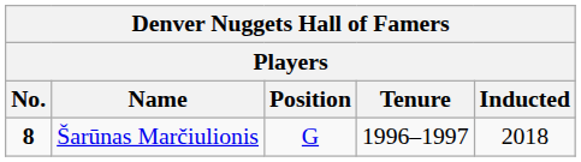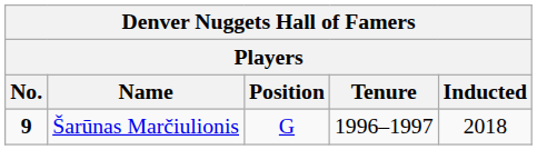 <table class="wikitable" style="text-align:center;">
 <tr>
 <th colspan="5">Denver Nuggets Hall of Famers</th>
 </tr>
 <tr>
 <th colspan="5" style="text-align:center; ">Players</th>
 </tr>
 <tr>
 <th>No.</th>
 <th>Name</th>
 <th>Position</th>
 <th>Tenure</th>
 <th>Inducted</th>
 </tr>
 <tr>
-<td><strong>8</strong></td>
+<td><strong>9</strong></td>
 <td><a href='#'>Šarūnas Marčiulionis</a></td>
 <td><a href='#'>G</a></td>
 <td>1996–1997</td>
 <td>2018</td>
 </tr>
 </table>
